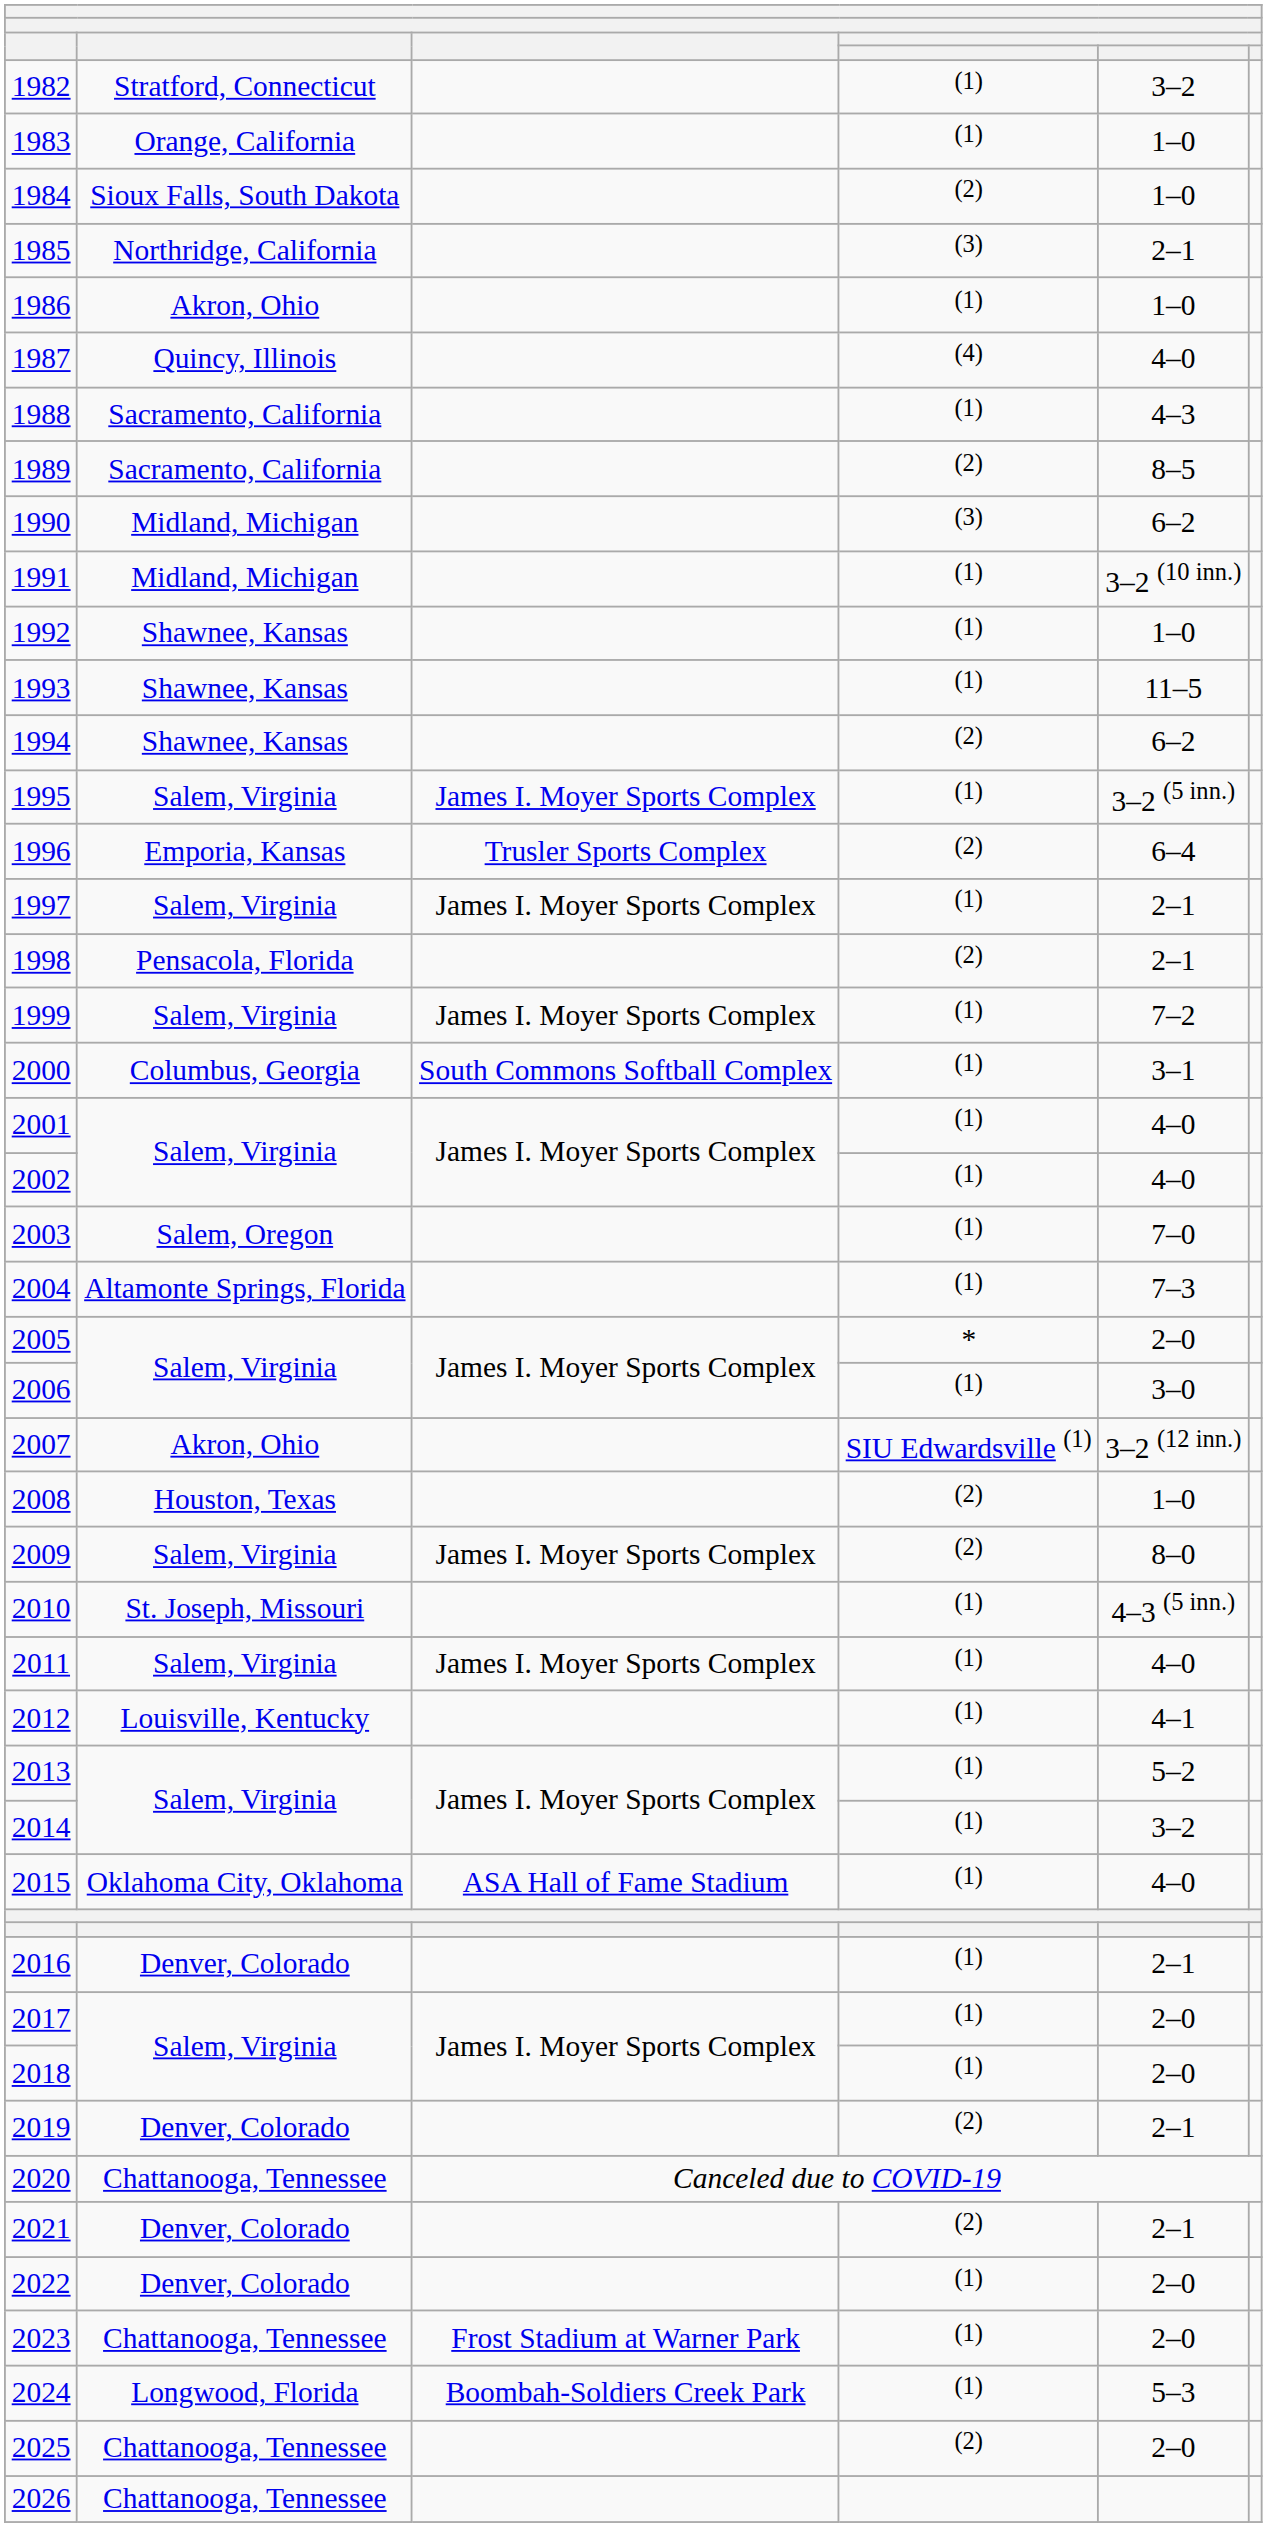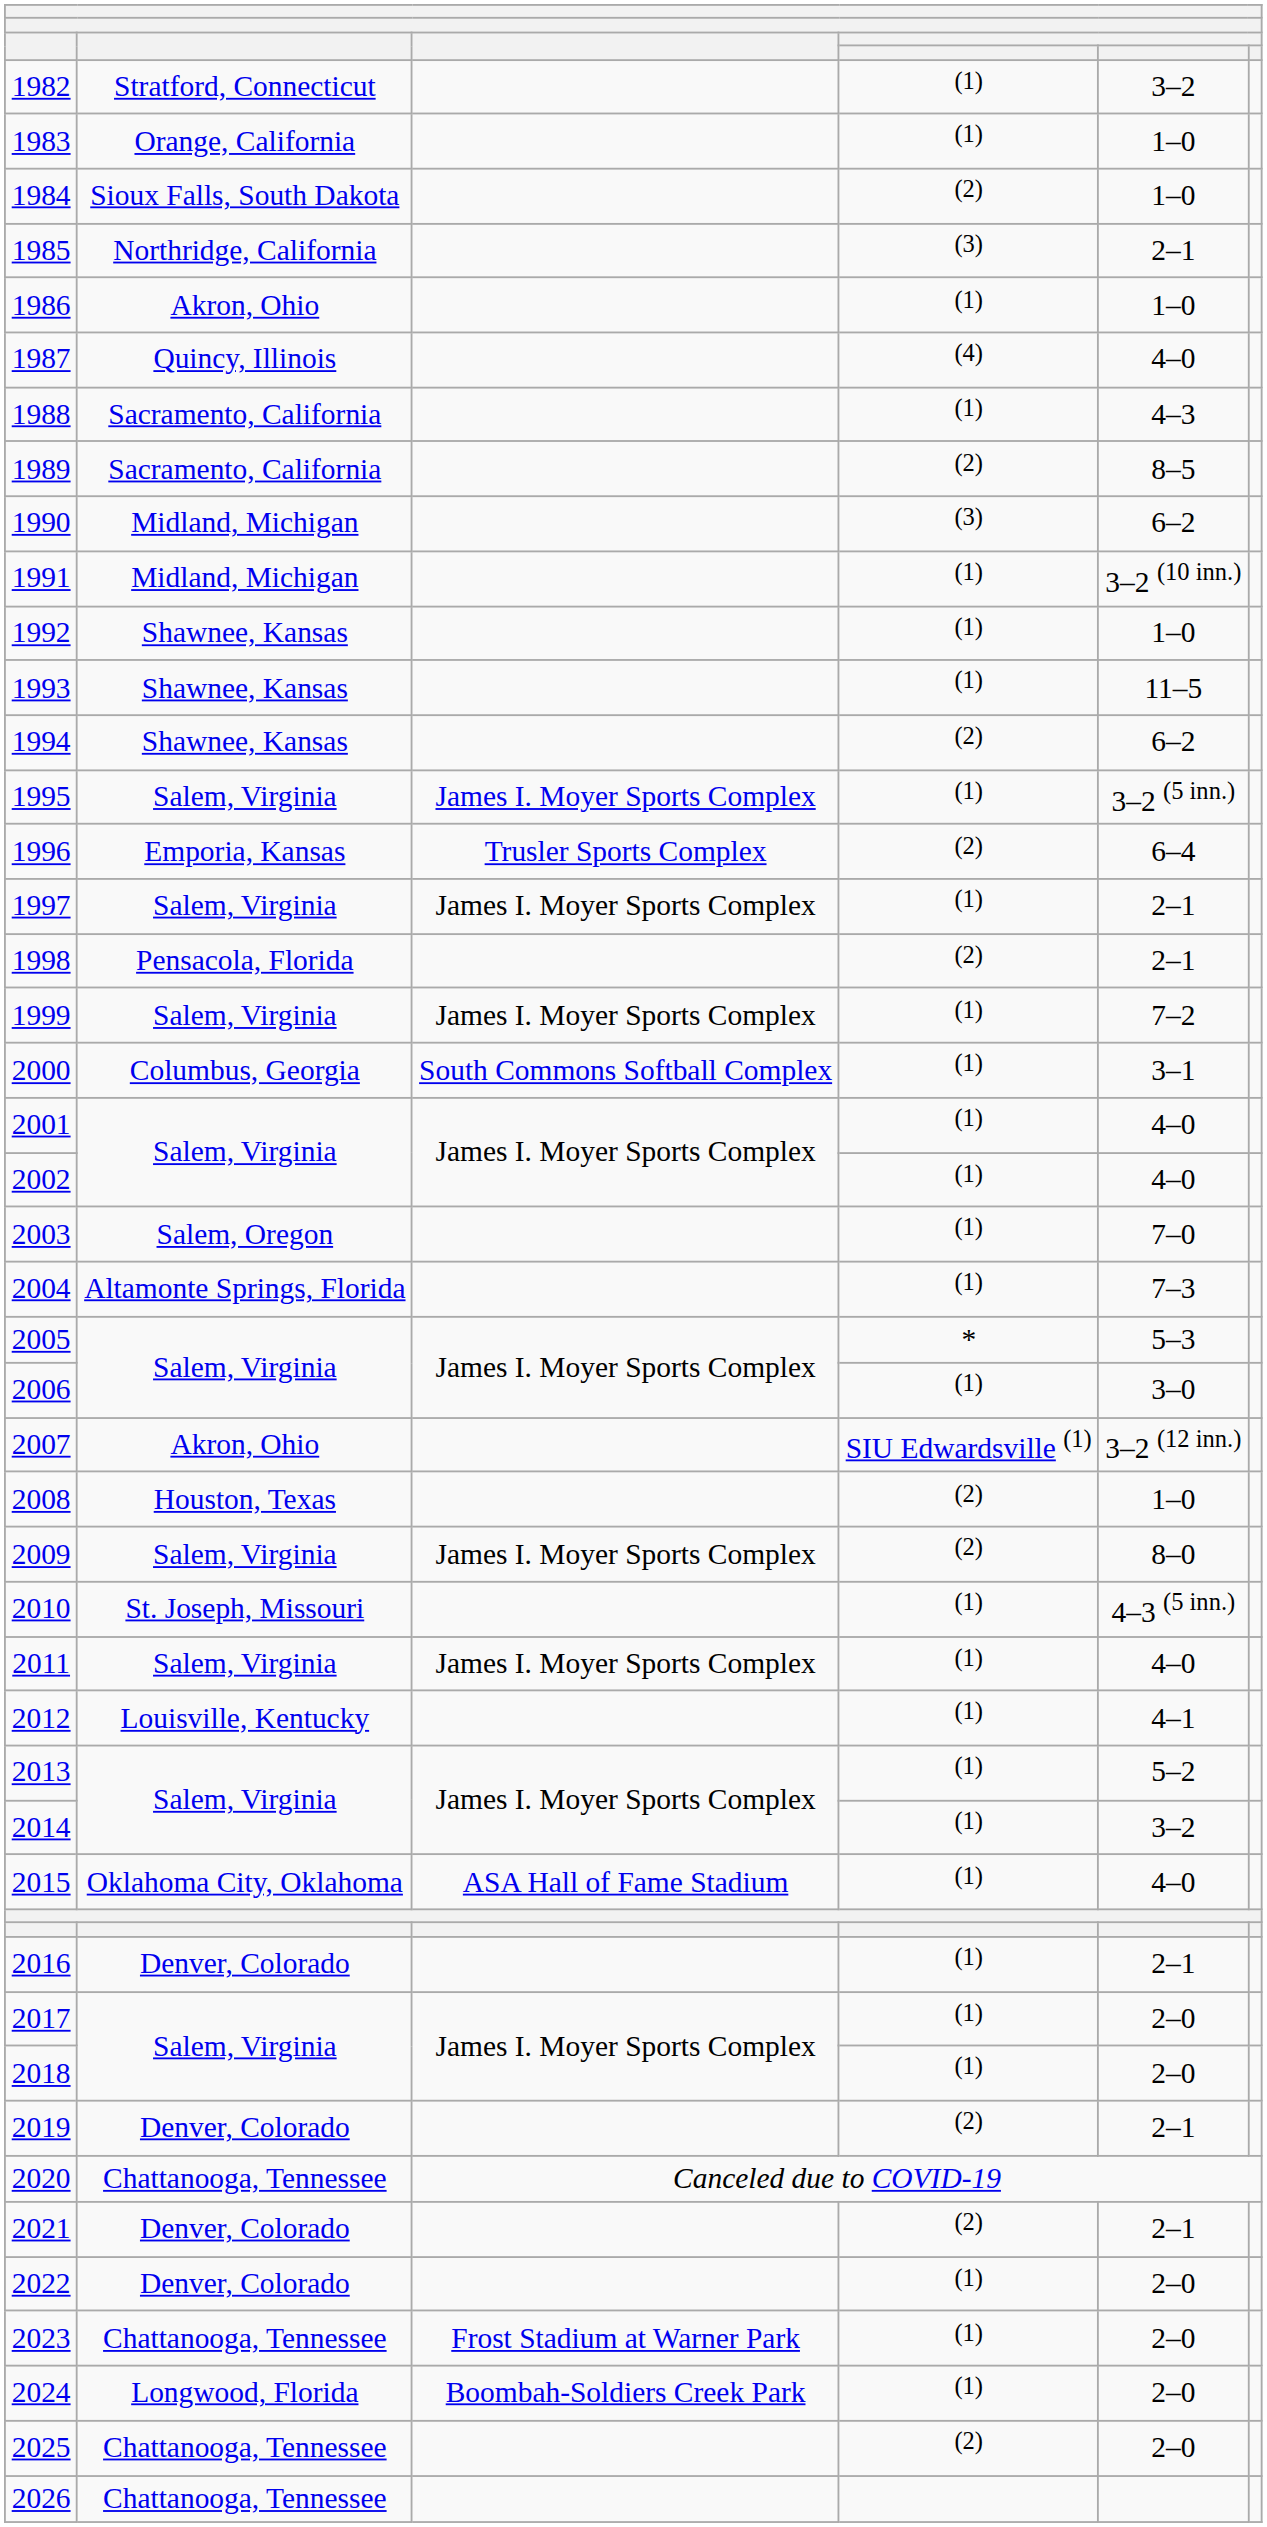 <table class="wikitable" style="text-align:center">
 <tr>
 <th colspan="8"></th>
 </tr>
 <tr>
 <th colspan="8"></th>
 </tr>
 <tr>
 <th rowspan="2"></th>
 <th rowspan="2"></th>
 <th rowspan="2"></th>
 <th colspan=3></th>
 </tr>
 <tr>
 <th></th>
 <th></th>
 <th></th>
 </tr>
 <tr>
 <td><a href='#'>1982</a></td>
 <td><a href='#'>Stratford, Connecticut</a></td>
 <td></td>
 <td> <sup>(1)</sup></td>
 <td>3–2</td>
 <td></td>
 </tr>
 <tr>
 <td><a href='#'>1983</a></td>
 <td><a href='#'>Orange, California</a></td>
 <td></td>
 <td> <sup>(1)</sup></td>
 <td>1–0</td>
 <td></td>
 </tr>
 <tr>
 <td><a href='#'>1984</a></td>
 <td><a href='#'>Sioux Falls, South Dakota</a></td>
 <td></td>
 <td> <sup>(2)</sup></td>
 <td>1–0</td>
 <td></td>
 </tr>
 <tr>
 <td><a href='#'>1985</a></td>
 <td><a href='#'>Northridge, California</a></td>
 <td></td>
 <td> <sup>(3)</sup></td>
 <td>2–1</td>
 <td></td>
 </tr>
 <tr>
 <td><a href='#'>1986</a></td>
 <td><a href='#'>Akron, Ohio</a></td>
 <td></td>
 <td> <sup>(1)</sup></td>
 <td>1–0</td>
 <td></td>
 </tr>
 <tr>
 <td><a href='#'>1987</a></td>
 <td><a href='#'>Quincy, Illinois</a></td>
 <td></td>
 <td> <sup>(4)</sup></td>
 <td>4–0</td>
 <td></td>
 </tr>
 <tr>
 <td><a href='#'>1988</a></td>
 <td><a href='#'>Sacramento, California</a></td>
 <td></td>
 <td> <sup>(1)</sup></td>
 <td>4–3</td>
 <td></td>
 </tr>
 <tr>
 <td><a href='#'>1989</a></td>
 <td><a href='#'>Sacramento, California</a></td>
 <td></td>
 <td> <sup>(2)</sup></td>
 <td>8–5</td>
 <td></td>
 </tr>
 <tr>
 <td><a href='#'>1990</a></td>
 <td><a href='#'>Midland, Michigan</a></td>
 <td></td>
 <td> <sup>(3)</sup></td>
 <td>6–2</td>
 <td></td>
 </tr>
 <tr>
 <td><a href='#'>1991</a></td>
 <td><a href='#'>Midland, Michigan</a></td>
 <td></td>
 <td> <sup>(1)</sup></td>
 <td>3–2 <sup>(10 inn.)</sup></td>
 <td></td>
 </tr>
 <tr>
 <td><a href='#'>1992</a></td>
 <td><a href='#'>Shawnee, Kansas</a></td>
 <td></td>
 <td> <sup>(1)</sup></td>
 <td>1–0</td>
 <td></td>
 </tr>
 <tr>
 <td><a href='#'>1993</a></td>
 <td><a href='#'>Shawnee, Kansas</a></td>
 <td></td>
 <td> <sup>(1)</sup></td>
 <td>11–5</td>
 <td></td>
 </tr>
 <tr>
 <td><a href='#'>1994</a></td>
 <td><a href='#'>Shawnee, Kansas</a></td>
 <td></td>
 <td> <sup>(2)</sup></td>
 <td>6–2</td>
 <td></td>
 </tr>
 <tr>
 <td><a href='#'>1995</a></td>
 <td><a href='#'>Salem, Virginia</a></td>
 <td><a href='#'>James I. Moyer Sports Complex</a></td>
 <td> <sup>(1)</sup></td>
 <td>3–2 <sup>(5 inn.)</sup></td>
 <td></td>
 </tr>
 <tr>
 <td><a href='#'>1996</a></td>
 <td><a href='#'>Emporia, Kansas</a></td>
 <td><a href='#'>Trusler Sports Complex</a></td>
 <td> <sup>(2)</sup></td>
 <td>6–4</td>
 <td></td>
 </tr>
 <tr>
 <td><a href='#'>1997</a></td>
 <td><a href='#'>Salem, Virginia</a></td>
 <td>James I. Moyer Sports Complex</td>
 <td> <sup>(1)</sup></td>
 <td>2–1</td>
 <td></td>
 </tr>
 <tr>
 <td><a href='#'>1998</a></td>
 <td><a href='#'>Pensacola, Florida</a></td>
 <td></td>
 <td> <sup>(2)</sup></td>
 <td>2–1</td>
 <td></td>
 </tr>
 <tr>
 <td><a href='#'>1999</a></td>
 <td><a href='#'>Salem, Virginia</a></td>
 <td>James I. Moyer Sports Complex</td>
 <td> <sup>(1)</sup></td>
 <td>7–2</td>
 <td></td>
 </tr>
 <tr>
 <td><a href='#'>2000</a></td>
 <td><a href='#'>Columbus, Georgia</a></td>
 <td><a href='#'>South Commons Softball Complex</a></td>
 <td> <sup>(1)</sup></td>
 <td>3–1</td>
 <td></td>
 </tr>
 <tr>
 <td><a href='#'>2001</a></td>
 <td rowspan=2><a href='#'>Salem, Virginia</a></td>
 <td rowspan=2>James I. Moyer Sports Complex</td>
 <td> <sup>(1)</sup></td>
 <td>4–0</td>
 <td></td>
 </tr>
 <tr>
 <td><a href='#'>2002</a></td>
 <td> <sup>(1)</sup></td>
 <td>4–0</td>
 <td></td>
 </tr>
 <tr>
 <td><a href='#'>2003</a></td>
 <td><a href='#'>Salem, Oregon</a></td>
 <td></td>
 <td> <sup>(1)</sup></td>
 <td>7–0</td>
 <td></td>
 </tr>
 <tr>
 <td><a href='#'>2004</a></td>
 <td><a href='#'>Altamonte Springs, Florida</a></td>
 <td></td>
 <td> <sup>(1)</sup></td>
 <td>7–3</td>
 <td></td>
 </tr>
 <tr>
 <td><a href='#'>2005</a></td>
 <td rowspan=2><a href='#'>Salem, Virginia</a></td>
 <td rowspan=2>James I. Moyer Sports Complex</td>
 <td>*</td>
-<td>2–0</td>
+<td>5–3</td>
 <td></td>
 </tr>
 <tr>
 <td><a href='#'>2006</a></td>
 <td> <sup>(1)</sup></td>
 <td>3–0</td>
 <td></td>
 </tr>
 <tr>
 <td><a href='#'>2007</a></td>
 <td><a href='#'>Akron, Ohio</a></td>
 <td></td>
 <td><a href='#'>SIU Edwardsville</a> <sup>(1)</sup></td>
 <td>3–2 <sup>(12 inn.)</sup></td>
 <td></td>
 </tr>
 <tr>
 <td><a href='#'>2008</a></td>
 <td><a href='#'>Houston, Texas</a></td>
 <td></td>
 <td> <sup>(2)</sup></td>
 <td>1–0</td>
 <td></td>
 </tr>
 <tr>
 <td><a href='#'>2009</a></td>
 <td><a href='#'>Salem, Virginia</a></td>
 <td>James I. Moyer Sports Complex</td>
 <td> <sup>(2)</sup></td>
 <td>8–0</td>
 <td></td>
 </tr>
 <tr>
 <td><a href='#'>2010</a></td>
 <td><a href='#'>St. Joseph, Missouri</a></td>
 <td></td>
 <td> <sup>(1)</sup></td>
 <td>4–3 <sup>(5 inn.)</sup></td>
 <td></td>
 </tr>
 <tr>
 <td><a href='#'>2011</a></td>
 <td><a href='#'>Salem, Virginia</a></td>
 <td>James I. Moyer Sports Complex</td>
 <td> <sup>(1)</sup></td>
 <td>4–0</td>
 <td></td>
 </tr>
 <tr>
 <td><a href='#'>2012</a></td>
 <td><a href='#'>Louisville, Kentucky</a></td>
 <td></td>
 <td> <sup>(1)</sup></td>
 <td>4–1</td>
 <td></td>
 </tr>
 <tr>
 <td><a href='#'>2013</a></td>
 <td rowspan=2><a href='#'>Salem, Virginia</a></td>
 <td rowspan=2>James I. Moyer Sports Complex</td>
 <td> <sup>(1)</sup></td>
 <td>5–2</td>
 <td></td>
 </tr>
 <tr>
 <td><a href='#'>2014</a></td>
 <td> <sup>(1)</sup></td>
 <td>3–2</td>
 <td></td>
 </tr>
 <tr>
 <td><a href='#'>2015</a></td>
 <td><a href='#'>Oklahoma City, Oklahoma</a></td>
 <td><a href='#'>ASA Hall of Fame Stadium</a></td>
 <td> <sup>(1)</sup></td>
 <td>4–0</td>
 <td></td>
 </tr>
 <tr>
 <th colspan="8"></th>
 </tr>
 <tr>
 <th></th>
 <th></th>
 <th></th>
 <th></th>
 <th></th>
 <th></th>
 </tr>
 <tr>
 <td><a href='#'>2016</a></td>
 <td><a href='#'>Denver, Colorado</a></td>
 <td></td>
 <td> <sup>(1)</sup></td>
 <td>2–1</td>
 <td></td>
 </tr>
 <tr>
 <td><a href='#'>2017</a></td>
 <td rowspan=2><a href='#'>Salem, Virginia</a></td>
 <td rowspan=2>James I. Moyer Sports Complex</td>
 <td> <sup>(1)</sup></td>
 <td>2–0</td>
 <td></td>
 </tr>
 <tr>
 <td><a href='#'>2018</a></td>
 <td> <sup>(1)</sup></td>
 <td>2–0</td>
 <td></td>
 </tr>
 <tr>
 <td><a href='#'>2019</a></td>
 <td><a href='#'>Denver, Colorado</a></td>
 <td></td>
 <td> <sup>(2)</sup></td>
 <td>2–1</td>
 <td></td>
 </tr>
 <tr>
 <td><a href='#'>2020</a></td>
 <td><a href='#'>Chattanooga, Tennessee</a></td>
 <td colspan=4><em>Canceled due to <a href='#'>COVID-19</a></em></td>
 </tr>
 <tr>
 <td><a href='#'>2021</a></td>
 <td><a href='#'>Denver, Colorado</a></td>
 <td></td>
 <td> <sup>(2)</sup></td>
 <td>2–1</td>
 <td></td>
 </tr>
 <tr>
 <td><a href='#'>2022</a></td>
 <td><a href='#'>Denver, Colorado</a></td>
 <td></td>
 <td> <sup>(1)</sup></td>
 <td>2–0</td>
 <td></td>
 </tr>
 <tr>
 <td><a href='#'>2023</a></td>
 <td><a href='#'>Chattanooga, Tennessee</a></td>
 <td><a href='#'>Frost Stadium at Warner Park</a></td>
 <td> <sup>(1)</sup></td>
 <td>2–0</td>
 <td></td>
 </tr>
 <tr>
 <td><a href='#'>2024</a></td>
 <td><a href='#'>Longwood, Florida</a></td>
 <td><a href='#'>Boombah-Soldiers Creek Park</a></td>
 <td> <sup>(1)</sup></td>
-<td>5–3</td>
+<td>2–0</td>
 <td></td>
 </tr>
 <tr>
 <td><a href='#'>2025</a></td>
 <td><a href='#'>Chattanooga, Tennessee</a></td>
 <td></td>
 <td> <sup>(2)</sup></td>
 <td>2–0</td>
 <td></td>
 </tr>
 <tr>
 <td><a href='#'>2026</a></td>
 <td><a href='#'>Chattanooga, Tennessee</a></td>
 <td></td>
 <td></td>
 <td></td>
 <td></td>
 </tr>
 </table>
